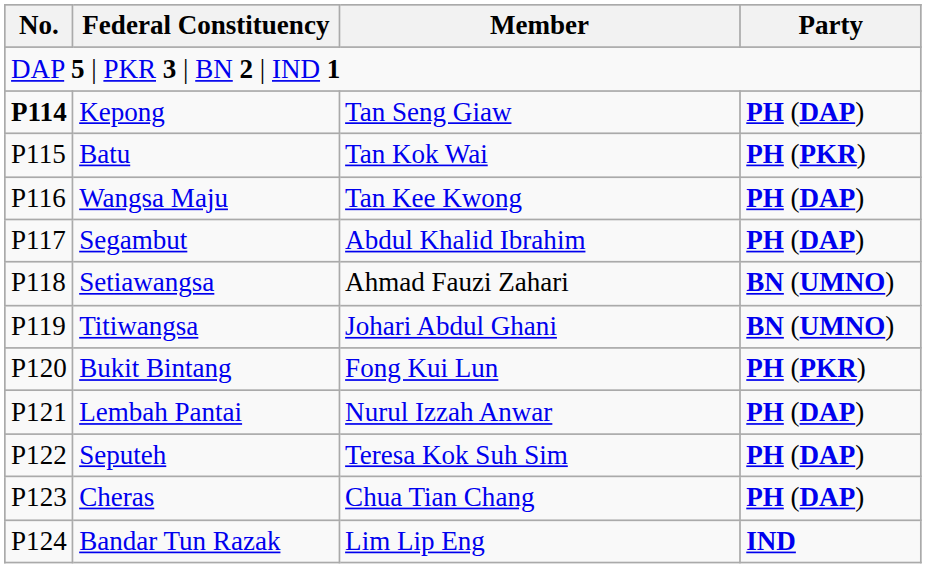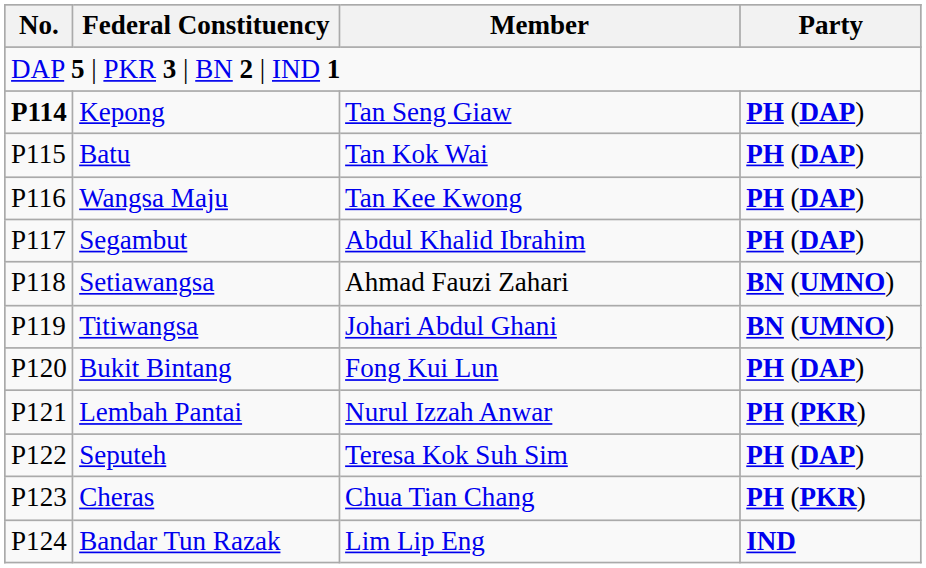 <table class ="wikitable sortable">
 <tr>
 <th style="width:30px;">No.</th>
 <th style="width:150px;">Federal Constituency</th>
 <th style="width:230px;">Member</th>
 <th style="width:100px;">Party</th>
 </tr>
 <tr>
 <td colspan="4"><a href='#'>DAP</a> <strong>5</strong> | <a href='#'>PKR</a> <strong>3</strong> | <a href='#'>BN</a> <strong>2</strong> | <a href='#'>IND</a> <strong>1</strong></td>
 </tr>
 <tr>
 <td><strong>P114</strong></td>
 <td><a href='#'>Kepong</a></td>
 <td><a href='#'>Tan Seng Giaw</a></td>
 <td><strong><a href='#'>PH</a></strong> (<strong><a href='#'>DAP</a></strong>)</td>
 </tr>
 <tr>
 <td>P115</td>
 <td><a href='#'>Batu</a></td>
 <td><a href='#'>Tan Kok Wai</a></td>
-<td><strong><a href='#'>PH</a></strong> (<strong><a href='#'>PKR</a></strong>)</td>
+<td><strong><a href='#'>PH</a></strong> (<strong><a href='#'>DAP</a></strong>)</td>
 </tr>
 <tr>
 <td>P116</td>
 <td><a href='#'>Wangsa Maju</a></td>
 <td><a href='#'>Tan Kee Kwong</a></td>
 <td><strong><a href='#'>PH</a></strong> (<strong><a href='#'>DAP</a></strong>)</td>
 </tr>
 <tr>
 <td>P117</td>
 <td><a href='#'>Segambut</a></td>
 <td><a href='#'>Abdul Khalid Ibrahim</a></td>
 <td><strong><a href='#'>PH</a></strong> (<strong><a href='#'>DAP</a></strong>)</td>
 </tr>
 <tr>
 <td>P118</td>
 <td><a href='#'>Setiawangsa</a></td>
 <td>Ahmad Fauzi Zahari</td>
 <td><strong><a href='#'>BN</a></strong> (<strong><a href='#'>UMNO</a></strong>)</td>
 </tr>
 <tr>
 <td>P119</td>
 <td><a href='#'>Titiwangsa</a></td>
 <td><a href='#'>Johari Abdul Ghani</a></td>
 <td><strong><a href='#'>BN</a></strong> (<strong><a href='#'>UMNO</a></strong>)</td>
 </tr>
 <tr>
 <td>P120</td>
 <td><a href='#'>Bukit Bintang</a></td>
 <td><a href='#'>Fong Kui Lun</a></td>
-<td><strong><a href='#'>PH</a></strong> (<strong><a href='#'>PKR</a></strong>)</td>
+<td><strong><a href='#'>PH</a></strong> (<strong><a href='#'>DAP</a></strong>)</td>
 </tr>
 <tr>
 <td>P121</td>
 <td><a href='#'>Lembah Pantai</a></td>
 <td><a href='#'>Nurul Izzah Anwar</a></td>
-<td><strong><a href='#'>PH</a></strong> (<strong><a href='#'>DAP</a></strong>)</td>
+<td><strong><a href='#'>PH</a></strong> (<strong><a href='#'>PKR</a></strong>)</td>
 </tr>
 <tr>
 <td>P122</td>
 <td><a href='#'>Seputeh</a></td>
 <td><a href='#'>Teresa Kok Suh Sim</a></td>
 <td><strong><a href='#'>PH</a></strong> (<strong><a href='#'>DAP</a></strong>)</td>
 </tr>
 <tr>
 <td>P123</td>
 <td><a href='#'>Cheras</a></td>
 <td><a href='#'>Chua Tian Chang</a></td>
-<td><strong><a href='#'>PH</a></strong> (<strong><a href='#'>DAP</a></strong>)</td>
+<td><strong><a href='#'>PH</a></strong> (<strong><a href='#'>PKR</a></strong>)</td>
 </tr>
 <tr>
 <td>P124</td>
 <td><a href='#'>Bandar Tun Razak</a></td>
 <td><a href='#'>Lim Lip Eng</a></td>
 <td><strong><a href='#'>IND</a></strong></td>
 </tr>
 </table>
